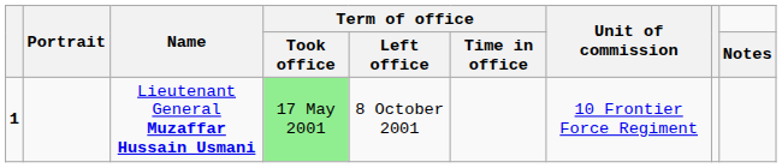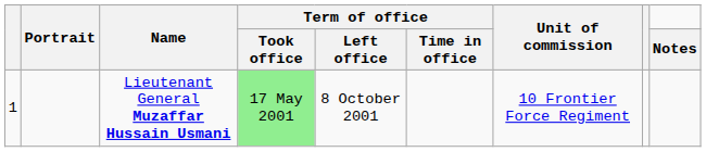 <table class="wikitable" style="text-align:center">
 <tr>
 <th rowspan=2></th>
 <th rowspan=2>Portrait</th>
 <th rowspan=2>Name<br></th>
 <th colspan=3>Term of office</th>
 <th rowspan=2>Unit of commission</th>
 <th rowspan=2></th>
 </tr>
 <tr>
 <th>Took office</th>
 <th>Left office</th>
 <th>Time in office</th>
 <th>Notes</th>
 </tr>
 <tr>
-<td><strong>1</strong></td>
+<td>1</td>
 <td></td>
 <td><a href='#'>Lieutenant General</a><br><strong><a href='#'>Muzaffar Hussain Usmani</a></strong> <br></td>
 <td style="background: lightgreen;">17 May 2001</td>
 <td>8 October 2001</td>
 <td></td>
 <td><a href='#'>10 Frontier Force Regiment</a></td>
 <td></td>
 <td></td>
 </tr>
 </table>
